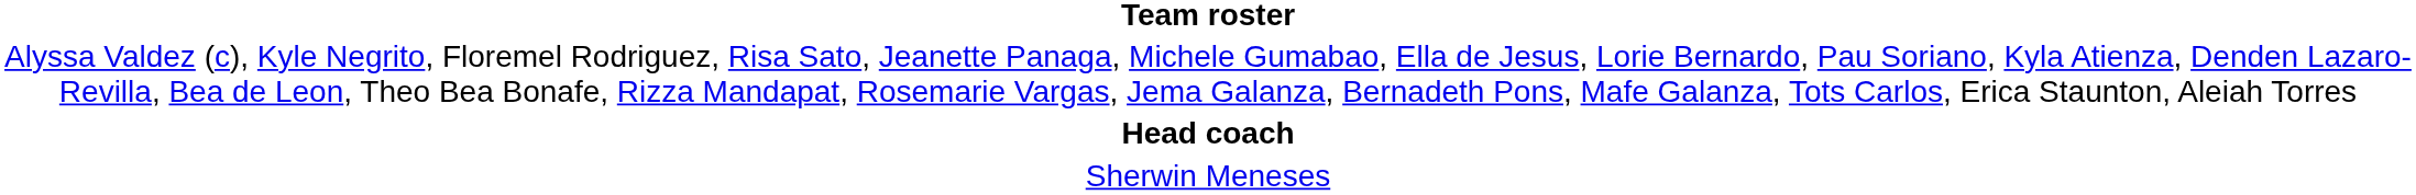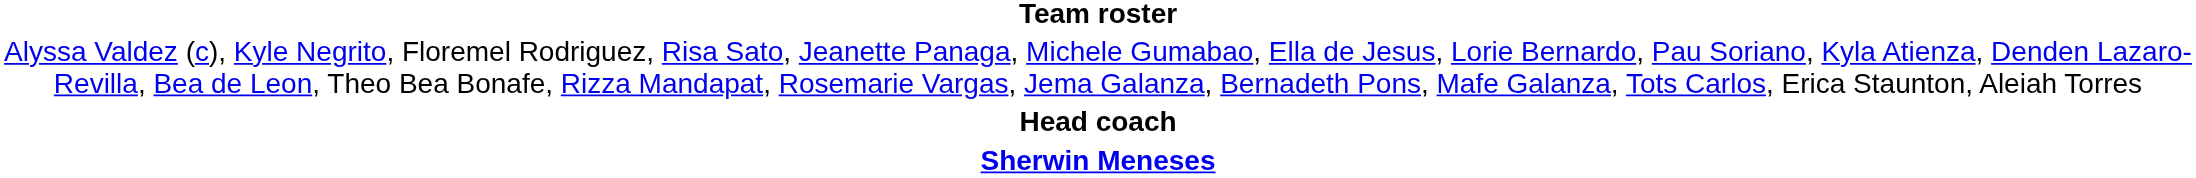 <table style="text-align:center; margin-top:2em; margin-left:auto; margin-right:auto">
 <tr>
 <td><strong>Team roster</strong></td>
 </tr>
 <tr>
 <td><a href='#'>Alyssa Valdez</a> (<a href='#'>c</a>), <a href='#'>Kyle Negrito</a>, Floremel Rodriguez, <a href='#'>Risa Sato</a>, <a href='#'>Jeanette Panaga</a>, <a href='#'>Michele Gumabao</a>, <a href='#'>Ella de Jesus</a>, <a href='#'>Lorie Bernardo</a>, <a href='#'>Pau Soriano</a>, <a href='#'>Kyla Atienza</a>, <a href='#'>Denden Lazaro-Revilla</a>, <a href='#'>Bea de Leon</a>, Theo Bea Bonafe, <a href='#'>Rizza Mandapat</a>, <a href='#'>Rosemarie Vargas</a>, <a href='#'>Jema Galanza</a>, <a href='#'>Bernadeth Pons</a>, <a href='#'>Mafe Galanza</a>, <a href='#'>Tots Carlos</a>, Erica Staunton, Aleiah Torres</td>
 </tr>
 <tr>
 <td><strong>Head coach</strong></td>
 </tr>
 <tr>
-<td><a href='#'>Sherwin Meneses</a></td>
+<td><strong><a href='#'>Sherwin Meneses</a></strong></td>
 </tr>
 </table>
